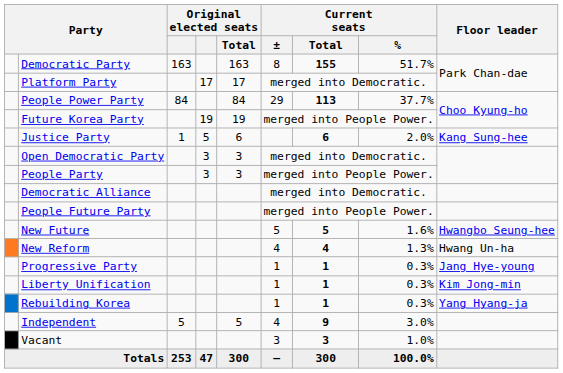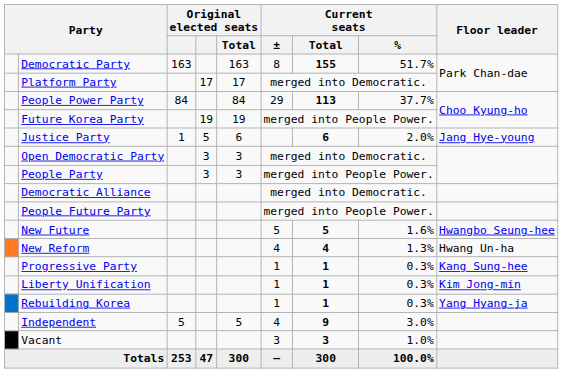 <table class="wikitable" style="text-align:center">
 <tr>
 <th scope="col" rowspan="2" colspan="2">Party</th>
 <th scope="col" colspan="3">Original<br>elected seats</th>
 <th scope="col" colspan="3">Current<br>seats</th>
 <th scope="col" rowspan="2">Floor leader</th>
 </tr>
 <tr>
 <th scope="col"></th>
 <th scope="col"></th>
 <th scope="col">Total</th>
 <th scope="col">±</th>
 <th scope="col">Total</th>
 <th scope="col">%</th>
 </tr>
 <tr>
 <td scope="row" style="background:"></td>
 <td style="text-align:left"><a href='#'>Democratic Party</a></td>
 <td>163</td>
 <td></td>
 <td>163</td>
 <td> 8</td>
 <td><strong>155</strong></td>
 <td style="text-align:right">51.7%</td>
 <td style="text-align:left" rowspan="2">Park Chan-dae</td>
 </tr>
 <tr>
 <td scope="row" style="background:"></td>
 <td style="text-align:left"><a href='#'>Platform Party</a></td>
 <td></td>
 <td>17</td>
 <td>17</td>
 <td colspan="3">merged into Democratic.</td>
 </tr>
 <tr>
 <td scope="row" width="10" style="background:"></td>
 <td style="text-align:left"><a href='#'>People Power Party</a></td>
 <td>84</td>
 <td></td>
 <td>84</td>
 <td> 29</td>
 <td><strong>113</strong></td>
 <td style="text-align:right">37.7%</td>
 <td style="text-align:left" rowspan="2"><a href='#'>Choo Kyung-ho</a></td>
 </tr>
 <tr>
 <td scope="row" width="10" style="background:"></td>
 <td style="text-align:left"><a href='#'>Future Korea Party</a></td>
 <td></td>
 <td>19</td>
 <td>19</td>
 <td colspan="3">merged into People Power.</td>
 </tr>
 <tr>
 <td scope="row" style="background:"></td>
 <td style="text-align:left"><a href='#'>Justice Party</a></td>
 <td>1</td>
 <td>5</td>
 <td>6</td>
 <td></td>
 <td><strong>6</strong></td>
 <td style="text-align:right">2.0%</td>
-<td style="text-align:left"><a href='#'>Kang Sung-hee</a></td>
+<td style="text-align:left"><a href='#'>Jang Hye-young</a></td>
 </tr>
 <tr>
 <td scope="row" width="10" style="background:"></td>
 <td style="text-align:left"><a href='#'>Open Democratic Party</a></td>
 <td></td>
 <td>3</td>
 <td>3</td>
 <td colspan="3">merged into Democratic.</td>
 </tr>
 <tr>
 <td scope="row" width="10" style="background:"></td>
 <td style="text-align:left"><a href='#'>People Party</a></td>
 <td></td>
 <td>3</td>
 <td>3</td>
 <td colspan="3">merged into People Power.</td>
 </tr>
 <tr>
 <td scope="row" style="background:"></td>
 <td style="text-align:left"><a href='#'>Democratic Alliance</a></td>
 <td></td>
 <td></td>
 <td></td>
 <td colspan="3">merged into Democratic.</td>
 <td style="text-align:left"></td>
 </tr>
 <tr>
 <td scope="row" width="10" style="background:"></td>
 <td style="text-align:left"><a href='#'>People Future Party</a></td>
 <td></td>
 <td></td>
 <td></td>
 <td colspan="3">merged into People Power.</td>
 <td style="text-align:left"></td>
 </tr>
 <tr>
 <td scope="row" width="10" style="background:"></td>
 <td style="text-align:left"><a href='#'>New Future</a></td>
 <td></td>
 <td></td>
 <td></td>
 <td> 5</td>
 <td><strong>5</strong></td>
 <td style="text-align:right">1.6%</td>
 <td style="text-align:left"><a href='#'>Hwangbo Seung-hee</a></td>
 </tr>
 <tr>
 <td scope="row" width="10" style="background:#FF7920"></td>
 <td style="text-align:left"><a href='#'>New Reform</a></td>
 <td></td>
 <td></td>
 <td></td>
 <td> 4</td>
 <td><strong>4</strong></td>
 <td style="text-align:right">1.3%</td>
 <td style="text-align:left">Hwang Un-ha</td>
 </tr>
 <tr>
 <td scope="row" width="10" style="background:"></td>
 <td style="text-align:left"><a href='#'>Progressive Party</a></td>
 <td></td>
 <td></td>
 <td></td>
 <td> 1</td>
 <td><strong>1</strong></td>
 <td style="text-align:right">0.3%</td>
-<td style="text-align:left"><a href='#'>Jang Hye-young</a></td>
+<td style="text-align:left"><a href='#'>Kang Sung-hee</a></td>
 </tr>
 <tr>
 <td scope="row" width="10" style="background:"></td>
 <td style="text-align:left"><a href='#'>Liberty Unification</a></td>
 <td></td>
 <td></td>
 <td></td>
 <td> 1</td>
 <td><strong>1</strong></td>
 <td style="text-align:right">0.3%</td>
 <td style="text-align:left"><a href='#'>Kim Jong-min</a></td>
 </tr>
 <tr>
 <td scope="row" width="10" style="background:#0073CF"></td>
 <td style="text-align:left"><a href='#'>Rebuilding Korea</a></td>
 <td></td>
 <td></td>
 <td></td>
 <td> 1</td>
 <td><strong>1</strong></td>
 <td style="text-align:right">0.3%</td>
 <td style="text-align:left"><a href='#'>Yang Hyang-ja</a></td>
 </tr>
 <tr>
 <td scope="row" width="10" style="background:"></td>
 <td style="text-align:left"><a href='#'>Independent</a></td>
 <td>5</td>
 <td></td>
 <td>5</td>
 <td> 4</td>
 <td><strong>9</strong></td>
 <td style="text-align:right">3.0%</td>
 </tr>
 <tr>
 <td scope="row" width="10" style="background:black"></td>
 <td style="text-align:left">Vacant</td>
 <td></td>
 <td></td>
 <td></td>
 <td> 3</td>
 <td><strong>3</strong></td>
 <td style="text-align:right">1.0%</td>
 <td colspan="2" style="text-align:right"></td>
 </tr>
 <tr style="background:#eee;">
 <td scope="row" colspan="2" style="text-align:right"><strong>Totals</strong></td>
 <td><strong>253</strong></td>
 <td><strong>47</strong></td>
 <td><strong>300</strong></td>
 <td><strong>—</strong></td>
 <td><strong>300</strong></td>
 <td style="text-align:right"><strong>100.0%</strong></td>
 <td></td>
 </tr>
 </table>
